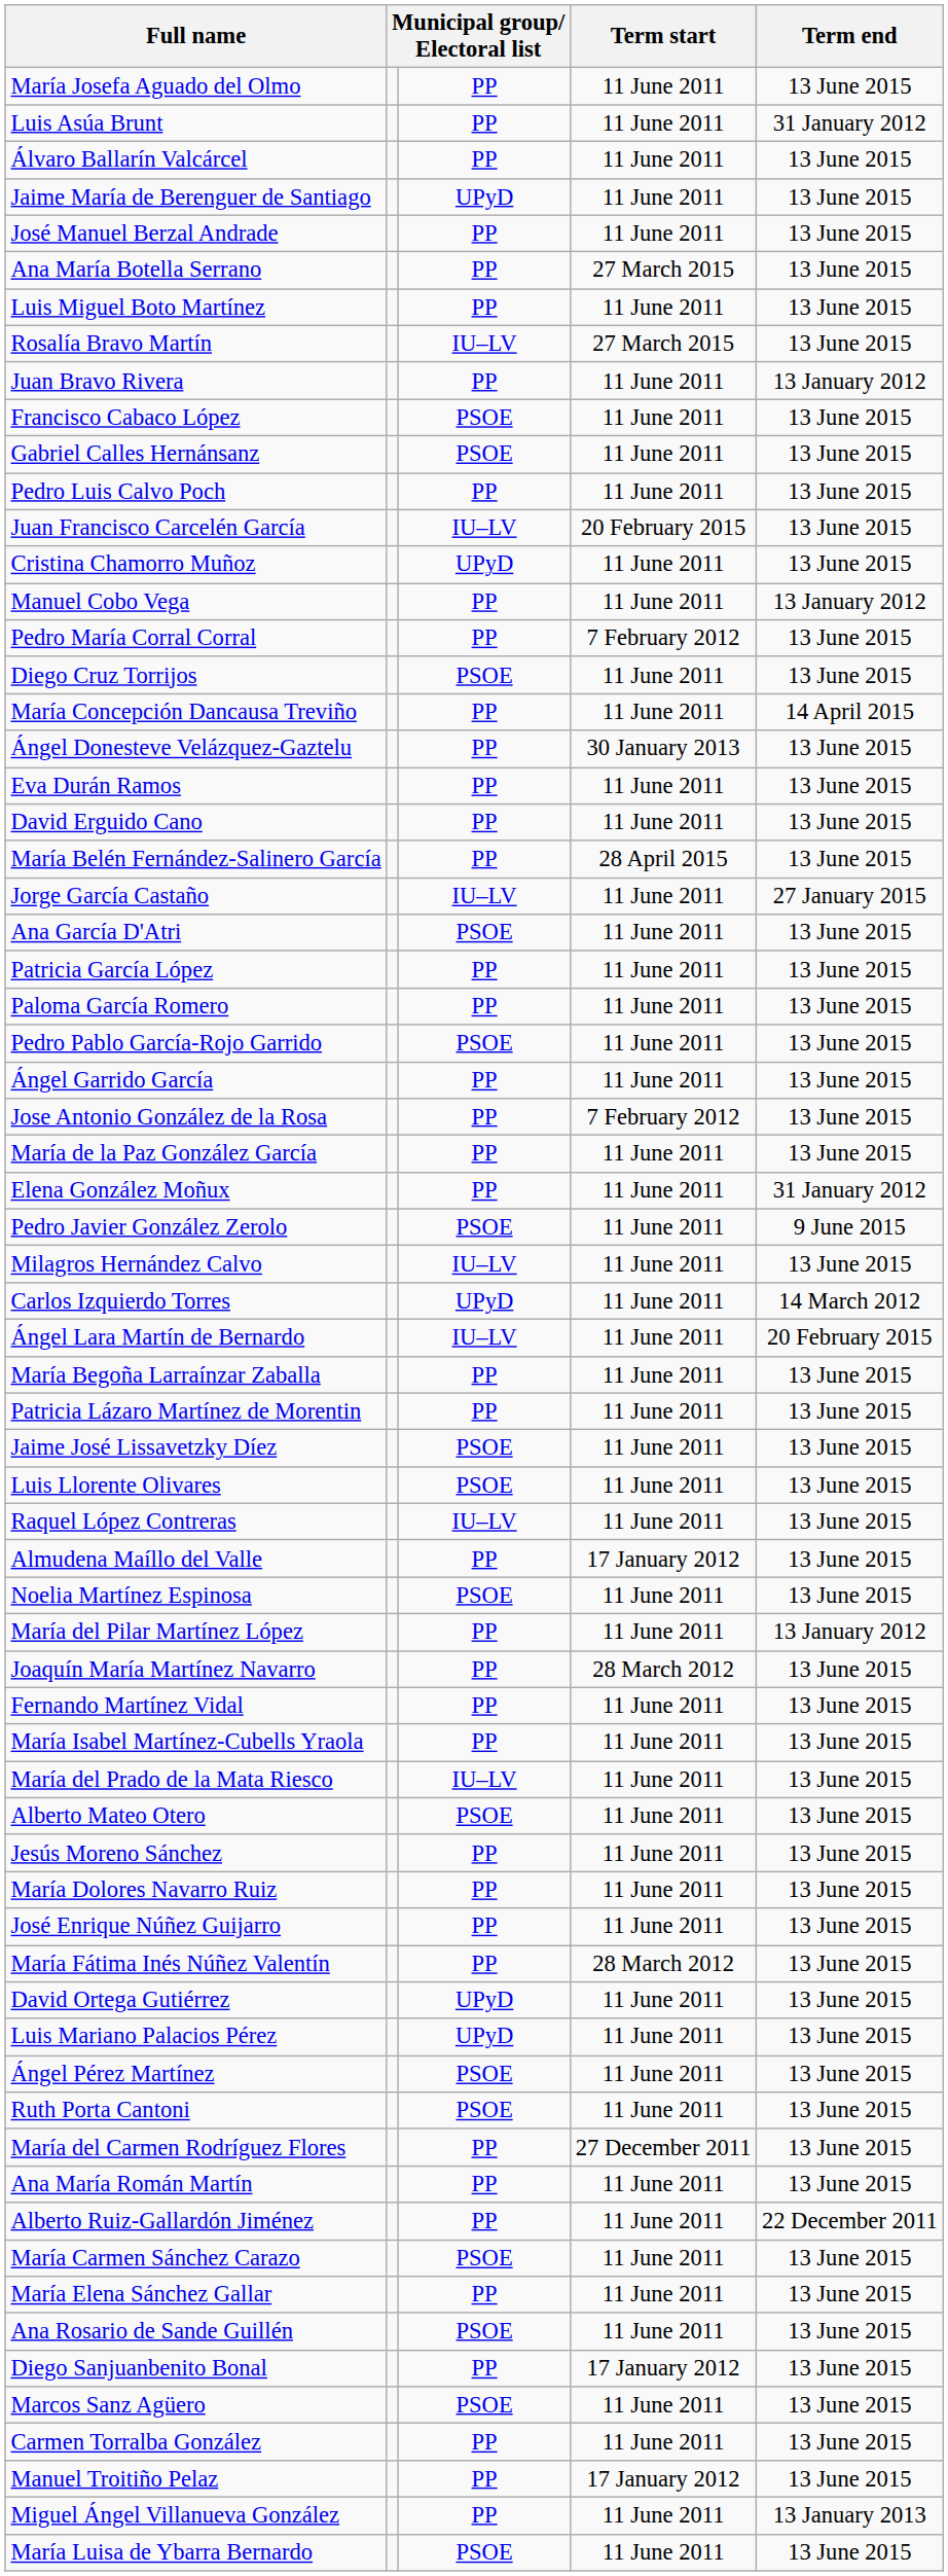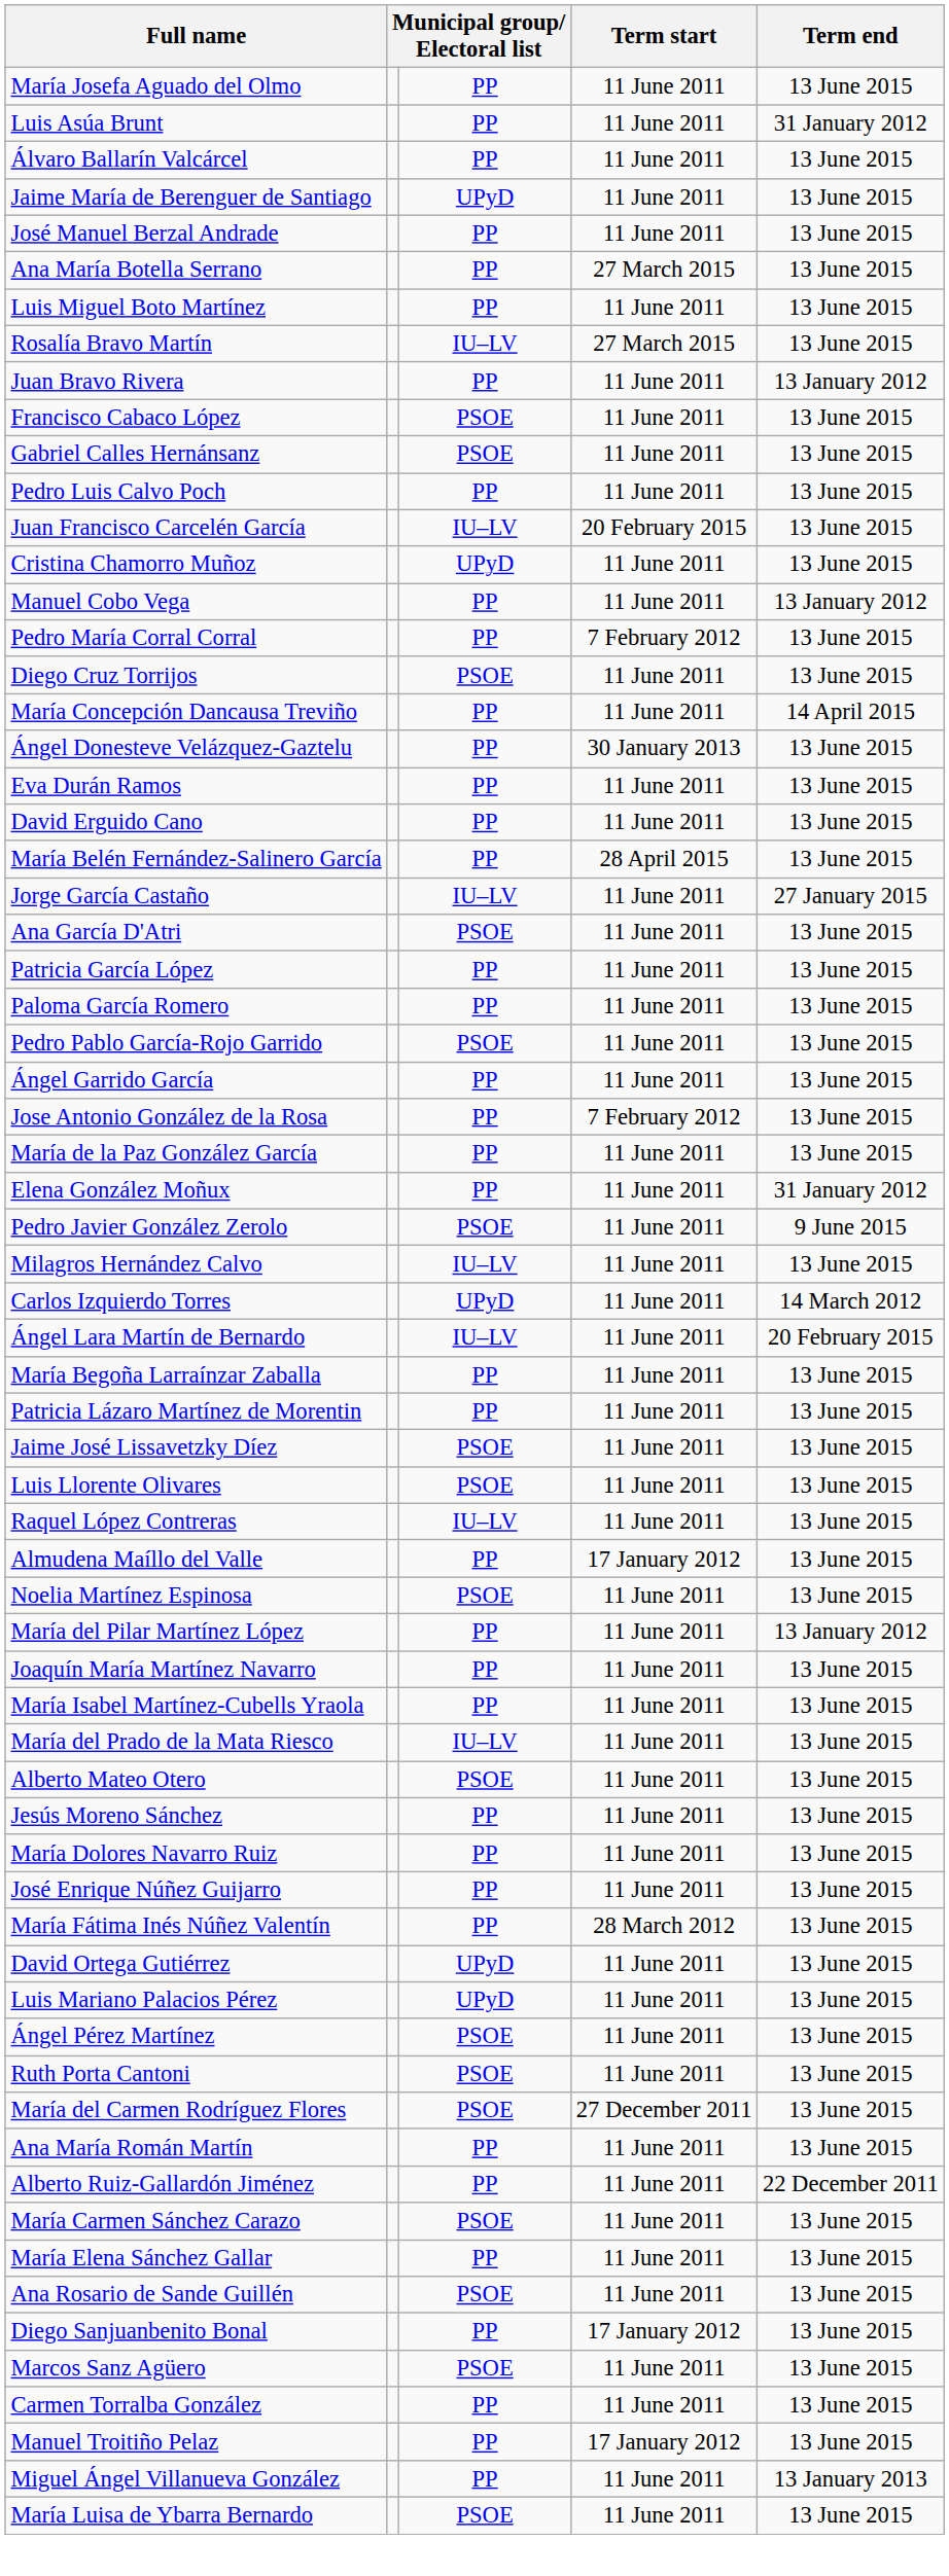 <table class="wikitable sortable" style="margin:1em auto; text-align:left; line-height:18px;">
 <tr>
 <th>Full name</th>
 <th colspan=2>Municipal group/<br>Electoral list</th>
 <th>Term start</th>
 <th>Term end</th>
 </tr>
 <tr>
 <td><a href='#'>María Josefa Aguado del Olmo</a></td>
 <td width="1"></td>
 <td align="center"><a href='#'>PP</a></td>
 <td align="center">11 June 2011</td>
 <td align="center">13 June 2015</td>
 </tr>
 <tr>
 <td><a href='#'>Luis Asúa Brunt</a></td>
 <td></td>
 <td align="center"><a href='#'>PP</a></td>
 <td align="center">11 June 2011</td>
 <td align="center">31 January 2012</td>
 </tr>
 <tr>
 <td><a href='#'>Álvaro Ballarín Valcárcel</a></td>
 <td></td>
 <td align="center"><a href='#'>PP</a></td>
 <td align="center">11 June 2011</td>
 <td align="center">13 June 2015</td>
 </tr>
 <tr>
 <td><a href='#'>Jaime María de Berenguer de Santiago</a></td>
 <td></td>
 <td align="center"><a href='#'>UPyD</a></td>
 <td align="center">11 June 2011</td>
 <td align="center">13 June 2015</td>
 </tr>
 <tr>
 <td><a href='#'>José Manuel Berzal Andrade</a></td>
 <td></td>
 <td align="center"><a href='#'>PP</a></td>
 <td align="center">11 June 2011</td>
 <td align="center">13 June 2015</td>
 </tr>
 <tr>
 <td><a href='#'>Ana María Botella Serrano</a></td>
 <td></td>
 <td align="center"><a href='#'>PP</a></td>
 <td align="center">27 March 2015</td>
 <td align="center">13 June 2015</td>
 </tr>
 <tr>
 <td><a href='#'>Luis Miguel Boto Martínez</a></td>
 <td></td>
 <td align="center"><a href='#'>PP</a></td>
 <td align="center">11 June 2011</td>
 <td align="center">13 June 2015</td>
 </tr>
 <tr>
 <td><a href='#'>Rosalía Bravo Martín</a></td>
 <td></td>
 <td align="center"><a href='#'>IU–LV</a></td>
 <td align="center">27 March 2015</td>
 <td align="center">13 June 2015</td>
 </tr>
 <tr>
 <td><a href='#'>Juan Bravo Rivera</a></td>
 <td></td>
 <td align="center"><a href='#'>PP</a></td>
 <td align="center">11 June 2011</td>
 <td align="center">13 January 2012</td>
 </tr>
 <tr>
 <td><a href='#'>Francisco Cabaco López</a></td>
 <td></td>
 <td align="center"><a href='#'>PSOE</a></td>
 <td align="center">11 June 2011</td>
 <td align="center">13 June 2015</td>
 </tr>
 <tr>
 <td><a href='#'>Gabriel Calles Hernánsanz</a></td>
 <td></td>
 <td align="center"><a href='#'>PSOE</a></td>
 <td align="center">11 June 2011</td>
 <td align="center">13 June 2015</td>
 </tr>
 <tr>
 <td><a href='#'>Pedro Luis Calvo Poch</a></td>
 <td></td>
 <td align="center"><a href='#'>PP</a></td>
 <td align="center">11 June 2011</td>
 <td align="center">13 June 2015</td>
 </tr>
 <tr>
 <td><a href='#'>Juan Francisco Carcelén García</a></td>
 <td></td>
 <td align="center"><a href='#'>IU–LV</a></td>
 <td align="center">20 February 2015</td>
 <td align="center">13 June 2015</td>
 </tr>
 <tr>
 <td><a href='#'>Cristina Chamorro Muñoz</a></td>
 <td></td>
 <td align="center"><a href='#'>UPyD</a></td>
 <td align="center">11 June 2011</td>
 <td align="center">13 June 2015</td>
 </tr>
 <tr>
 <td><a href='#'>Manuel Cobo Vega</a></td>
 <td></td>
 <td align="center"><a href='#'>PP</a></td>
 <td align="center">11 June 2011</td>
 <td align="center">13 January 2012</td>
 </tr>
 <tr>
 <td><a href='#'>Pedro María Corral Corral</a></td>
 <td></td>
 <td align="center"><a href='#'>PP</a></td>
 <td align="center">7 February 2012</td>
 <td align="center">13 June 2015</td>
 </tr>
 <tr>
 <td><a href='#'>Diego Cruz Torrijos</a></td>
 <td></td>
 <td align="center"><a href='#'>PSOE</a></td>
 <td align="center">11 June 2011</td>
 <td align="center">13 June 2015</td>
 </tr>
 <tr>
 <td><a href='#'>María Concepción Dancausa Treviño</a></td>
 <td></td>
 <td align="center"><a href='#'>PP</a></td>
 <td align="center">11 June 2011</td>
 <td align="center">14 April 2015</td>
 </tr>
 <tr>
 <td><a href='#'>Ángel Donesteve Velázquez-Gaztelu</a></td>
 <td></td>
 <td align="center"><a href='#'>PP</a></td>
 <td align="center">30 January 2013</td>
 <td align="center">13 June 2015</td>
 </tr>
 <tr>
 <td><a href='#'>Eva Durán Ramos</a></td>
 <td></td>
 <td align="center"><a href='#'>PP</a></td>
 <td align="center">11 June 2011</td>
 <td align="center">13 June 2015</td>
 </tr>
 <tr>
 <td><a href='#'>David Erguido Cano</a></td>
 <td></td>
 <td align="center"><a href='#'>PP</a></td>
 <td align="center">11 June 2011</td>
 <td align="center">13 June 2015</td>
 </tr>
 <tr>
 <td><a href='#'>María Belén Fernández-Salinero García</a></td>
 <td></td>
 <td align="center"><a href='#'>PP</a></td>
 <td align="center">28 April 2015</td>
 <td align="center">13 June 2015</td>
 </tr>
 <tr>
 <td><a href='#'>Jorge García Castaño</a></td>
 <td></td>
 <td align="center"><a href='#'>IU–LV</a></td>
 <td align="center">11 June 2011</td>
 <td align="center">27 January 2015</td>
 </tr>
 <tr>
 <td><a href='#'>Ana García D'Atri</a></td>
 <td></td>
 <td align="center"><a href='#'>PSOE</a></td>
 <td align="center">11 June 2011</td>
 <td align="center">13 June 2015</td>
 </tr>
 <tr>
 <td><a href='#'>Patricia García López</a></td>
 <td></td>
 <td align="center"><a href='#'>PP</a></td>
 <td align="center">11 June 2011</td>
 <td align="center">13 June 2015</td>
 </tr>
 <tr>
 <td><a href='#'>Paloma García Romero</a></td>
 <td></td>
 <td align="center"><a href='#'>PP</a></td>
 <td align="center">11 June 2011</td>
 <td align="center">13 June 2015</td>
 </tr>
 <tr>
 <td><a href='#'>Pedro Pablo García-Rojo Garrido</a></td>
 <td></td>
 <td align="center"><a href='#'>PSOE</a></td>
 <td align="center">11 June 2011</td>
 <td align="center">13 June 2015</td>
 </tr>
 <tr>
 <td><a href='#'>Ángel Garrido García</a></td>
 <td></td>
 <td align="center"><a href='#'>PP</a></td>
 <td align="center">11 June 2011</td>
 <td align="center">13 June 2015</td>
 </tr>
 <tr>
 <td><a href='#'>Jose Antonio González de la Rosa</a></td>
 <td></td>
 <td align="center"><a href='#'>PP</a></td>
 <td align="center">7 February 2012</td>
 <td align="center">13 June 2015</td>
 </tr>
 <tr>
 <td><a href='#'>María de la Paz González García</a></td>
 <td></td>
 <td align="center"><a href='#'>PP</a></td>
 <td align="center">11 June 2011</td>
 <td align="center">13 June 2015</td>
 </tr>
 <tr>
 <td><a href='#'>Elena González Moñux</a></td>
 <td></td>
 <td align="center"><a href='#'>PP</a></td>
 <td align="center">11 June 2011</td>
 <td align="center">31 January 2012</td>
 </tr>
 <tr>
 <td><a href='#'>Pedro Javier González Zerolo</a></td>
 <td></td>
 <td align="center"><a href='#'>PSOE</a></td>
 <td align="center">11 June 2011</td>
 <td align="center">9 June 2015</td>
 </tr>
 <tr>
 <td><a href='#'>Milagros Hernández Calvo</a></td>
 <td></td>
 <td align="center"><a href='#'>IU–LV</a></td>
 <td align="center">11 June 2011</td>
 <td align="center">13 June 2015</td>
 </tr>
 <tr>
 <td><a href='#'>Carlos Izquierdo Torres</a></td>
 <td></td>
 <td align="center"><a href='#'>UPyD</a></td>
 <td align="center">11 June 2011</td>
 <td align="center">14 March 2012</td>
 </tr>
 <tr>
 <td><a href='#'>Ángel Lara Martín de Bernardo</a></td>
 <td></td>
 <td align="center"><a href='#'>IU–LV</a></td>
 <td align="center">11 June 2011</td>
 <td align="center">20 February 2015</td>
 </tr>
 <tr>
 <td><a href='#'>María Begoña Larraínzar Zaballa</a></td>
 <td></td>
 <td align="center"><a href='#'>PP</a></td>
 <td align="center">11 June 2011</td>
 <td align="center">13 June 2015</td>
 </tr>
 <tr>
 <td><a href='#'>Patricia Lázaro Martínez de Morentin</a></td>
 <td></td>
 <td align="center"><a href='#'>PP</a></td>
 <td align="center">11 June 2011</td>
 <td align="center">13 June 2015</td>
 </tr>
 <tr>
 <td><a href='#'>Jaime José Lissavetzky Díez</a></td>
 <td></td>
 <td align="center"><a href='#'>PSOE</a></td>
 <td align="center">11 June 2011</td>
 <td align="center">13 June 2015</td>
 </tr>
 <tr>
 <td><a href='#'>Luis Llorente Olivares</a></td>
 <td></td>
 <td align="center"><a href='#'>PSOE</a></td>
 <td align="center">11 June 2011</td>
 <td align="center">13 June 2015</td>
 </tr>
 <tr>
 <td><a href='#'>Raquel López Contreras</a></td>
 <td></td>
 <td align="center"><a href='#'>IU–LV</a></td>
 <td align="center">11 June 2011</td>
 <td align="center">13 June 2015</td>
 </tr>
 <tr>
 <td><a href='#'>Almudena Maíllo del Valle</a></td>
 <td></td>
 <td align="center"><a href='#'>PP</a></td>
 <td align="center">17 January 2012</td>
 <td align="center">13 June 2015</td>
 </tr>
 <tr>
 <td><a href='#'>Noelia Martínez Espinosa</a></td>
 <td></td>
 <td align="center"><a href='#'>PSOE</a></td>
 <td align="center">11 June 2011</td>
 <td align="center">13 June 2015</td>
 </tr>
 <tr>
 <td><a href='#'>María del Pilar Martínez López</a></td>
 <td></td>
 <td align="center"><a href='#'>PP</a></td>
 <td align="center">11 June 2011</td>
 <td align="center">13 January 2012</td>
 </tr>
 <tr>
 <td><a href='#'>Joaquín María Martínez Navarro</a></td>
 <td></td>
 <td align="center"><a href='#'>PP</a></td>
-<td align="center">28 March 2012</td>
-<td align="center">13 June 2015</td>
-</tr>
-<tr>
-<td><a href='#'>Fernando Martínez Vidal</a></td>
-<td></td>
-<td align="center"><a href='#'>PP</a></td>
 <td align="center">11 June 2011</td>
 <td align="center">13 June 2015</td>
 </tr>
 <tr>
 <td><a href='#'>María Isabel Martínez-Cubells Yraola</a></td>
 <td></td>
 <td align="center"><a href='#'>PP</a></td>
 <td align="center">11 June 2011</td>
 <td align="center">13 June 2015</td>
 </tr>
 <tr>
 <td><a href='#'>María del Prado de la Mata Riesco</a></td>
 <td></td>
 <td align="center"><a href='#'>IU–LV</a></td>
 <td align="center">11 June 2011</td>
 <td align="center">13 June 2015</td>
 </tr>
 <tr>
 <td><a href='#'>Alberto Mateo Otero</a></td>
 <td></td>
 <td align="center"><a href='#'>PSOE</a></td>
 <td align="center">11 June 2011</td>
 <td align="center">13 June 2015</td>
 </tr>
 <tr>
 <td><a href='#'>Jesús Moreno Sánchez</a></td>
 <td></td>
 <td align="center"><a href='#'>PP</a></td>
 <td align="center">11 June 2011</td>
 <td align="center">13 June 2015</td>
 </tr>
 <tr>
 <td><a href='#'>María Dolores Navarro Ruiz</a></td>
 <td></td>
 <td align="center"><a href='#'>PP</a></td>
 <td align="center">11 June 2011</td>
 <td align="center">13 June 2015</td>
 </tr>
 <tr>
 <td><a href='#'>José Enrique Núñez Guijarro</a></td>
 <td></td>
 <td align="center"><a href='#'>PP</a></td>
 <td align="center">11 June 2011</td>
 <td align="center">13 June 2015</td>
 </tr>
 <tr>
 <td><a href='#'>María Fátima Inés Núñez Valentín</a></td>
 <td></td>
 <td align="center"><a href='#'>PP</a></td>
 <td align="center">28 March 2012</td>
 <td align="center">13 June 2015</td>
 </tr>
 <tr>
 <td><a href='#'>David Ortega Gutiérrez</a></td>
 <td></td>
 <td align="center"><a href='#'>UPyD</a></td>
 <td align="center">11 June 2011</td>
 <td align="center">13 June 2015</td>
 </tr>
 <tr>
 <td><a href='#'>Luis Mariano Palacios Pérez</a></td>
 <td></td>
 <td align="center"><a href='#'>UPyD</a></td>
 <td align="center">11 June 2011</td>
 <td align="center">13 June 2015</td>
 </tr>
 <tr>
 <td><a href='#'>Ángel Pérez Martínez</a></td>
 <td></td>
 <td align="center"><a href='#'>PSOE</a></td>
 <td align="center">11 June 2011</td>
 <td align="center">13 June 2015</td>
 </tr>
 <tr>
 <td><a href='#'>Ruth Porta Cantoni</a></td>
 <td></td>
 <td align="center"><a href='#'>PSOE</a></td>
 <td align="center">11 June 2011</td>
 <td align="center">13 June 2015</td>
 </tr>
 <tr>
 <td><a href='#'>María del Carmen Rodríguez Flores</a></td>
 <td></td>
-<td align="center"><a href='#'>PP</a></td>
+<td align="center"><a href='#'>PSOE</a></td>
 <td align="center">27 December 2011</td>
 <td align="center">13 June 2015</td>
 </tr>
 <tr>
 <td><a href='#'>Ana María Román Martín</a></td>
 <td></td>
 <td align="center"><a href='#'>PP</a></td>
 <td align="center">11 June 2011</td>
 <td align="center">13 June 2015</td>
 </tr>
 <tr>
 <td><a href='#'>Alberto Ruiz-Gallardón Jiménez</a></td>
 <td></td>
 <td align="center"><a href='#'>PP</a></td>
 <td align="center">11 June 2011</td>
 <td align="center">22 December 2011</td>
 </tr>
 <tr>
 <td><a href='#'>María Carmen Sánchez Carazo</a></td>
 <td></td>
 <td align="center"><a href='#'>PSOE</a></td>
 <td align="center">11 June 2011</td>
 <td align="center">13 June 2015</td>
 </tr>
 <tr>
 <td><a href='#'>María Elena Sánchez Gallar</a></td>
 <td></td>
 <td align="center"><a href='#'>PP</a></td>
 <td align="center">11 June 2011</td>
 <td align="center">13 June 2015</td>
 </tr>
 <tr>
 <td><a href='#'>Ana Rosario de Sande Guillén</a></td>
 <td></td>
 <td align="center"><a href='#'>PSOE</a></td>
 <td align="center">11 June 2011</td>
 <td align="center">13 June 2015</td>
 </tr>
 <tr>
 <td><a href='#'>Diego Sanjuanbenito Bonal</a></td>
 <td></td>
 <td align="center"><a href='#'>PP</a></td>
 <td align="center">17 January 2012</td>
 <td align="center">13 June 2015</td>
 </tr>
 <tr>
 <td><a href='#'>Marcos Sanz Agüero</a></td>
 <td></td>
 <td align="center"><a href='#'>PSOE</a></td>
 <td align="center">11 June 2011</td>
 <td align="center">13 June 2015</td>
 </tr>
 <tr>
 <td><a href='#'>Carmen Torralba González</a></td>
 <td></td>
 <td align="center"><a href='#'>PP</a></td>
 <td align="center">11 June 2011</td>
 <td align="center">13 June 2015</td>
 </tr>
 <tr>
 <td><a href='#'>Manuel Troitiño Pelaz</a></td>
 <td></td>
 <td align="center"><a href='#'>PP</a></td>
 <td align="center">17 January 2012</td>
 <td align="center">13 June 2015</td>
 </tr>
 <tr>
 <td><a href='#'>Miguel Ángel Villanueva González</a></td>
 <td></td>
 <td align="center"><a href='#'>PP</a></td>
 <td align="center">11 June 2011</td>
 <td align="center">13 January 2013</td>
 </tr>
 <tr>
 <td><a href='#'>María Luisa de Ybarra Bernardo</a></td>
 <td></td>
 <td align="center"><a href='#'>PSOE</a></td>
 <td align="center">11 June 2011</td>
 <td align="center">13 June 2015</td>
 </tr>
 </table>
